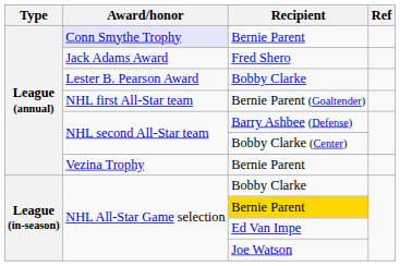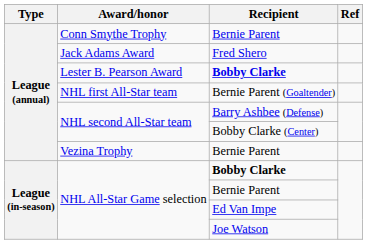 <table class="wikitable">
 <tr>
 <th scope="col">Type</th>
 <th scope="col">Award/honor</th>
 <th scope="col">Recipient</th>
 <th scope="col">Ref</th>
 </tr>
 <tr>
 <th scope="row" rowspan="7">League<br><small>(annual)</small></th>
-<td style="background: lavender;"><a href='#'>Conn Smythe Trophy</a></td>
+<td><a href='#'>Conn Smythe Trophy</a></td>
 <td><a href='#'>Bernie Parent</a></td>
 <td></td>
 </tr>
 <tr>
 <td><a href='#'>Jack Adams Award</a></td>
 <td><a href='#'>Fred Shero</a></td>
 <td></td>
 </tr>
 <tr>
 <td><a href='#'>Lester B. Pearson Award</a></td>
-<td><a href='#'>Bobby Clarke</a></td>
+<td><strong><a href='#'>Bobby Clarke</a></strong></td>
 <td></td>
 </tr>
 <tr>
 <td><a href='#'>NHL first All-Star team</a></td>
 <td>Bernie Parent <small>(<a href='#'>Goaltender</a>)</small></td>
 <td></td>
 </tr>
 <tr>
 <td rowspan="2"><a href='#'>NHL second All-Star team</a></td>
 <td><a href='#'>Barry Ashbee</a> <small>(<a href='#'>Defense</a>)</small></td>
 <td rowspan="2"></td>
 </tr>
 <tr>
 <td>Bobby Clarke <small>(<a href='#'>Center</a>)</small></td>
 </tr>
 <tr>
 <td><a href='#'>Vezina Trophy</a></td>
 <td>Bernie Parent</td>
 <td></td>
 </tr>
 <tr>
 <th scope="row" rowspan="4">League<br><small>(in-season)</small></th>
 <td rowspan="4"><a href='#'>NHL All-Star Game</a> selection</td>
-<td>Bobby Clarke</td>
+<td><strong>Bobby Clarke</strong></td>
 <td rowspan="4"></td>
 </tr>
 <tr>
-<td style="background: gold;">Bernie Parent</td>
+<td>Bernie Parent</td>
 </tr>
 <tr>
 <td><a href='#'>Ed Van Impe</a></td>
 </tr>
 <tr>
 <td><a href='#'>Joe Watson</a></td>
 </tr>
 </table>
